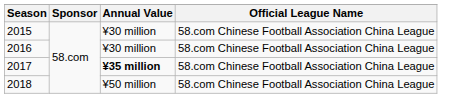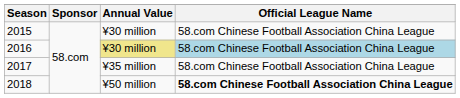 <table class="wikitable">
 <tr>
 </tr>
 <tr>
 <th>Season</th>
 <th>Sponsor</th>
 <th>Annual Value</th>
 <th>Official League Name</th>
 </tr>
 <tr>
 <td>2015</td>
 <td rowspan="4">58.com</td>
 <td>¥30  million</td>
 <td>58.com Chinese Football Association China League</td>
 </tr>
 <tr>
 <td>2016</td>
-<td>¥30  million</td>
-<td>58.com Chinese Football Association China League</td>
+<td style="background: khaki;">¥30  million</td>
+<td style="background: lightblue;">58.com Chinese Football Association China League</td>
 </tr>
 <tr>
 <td>2017</td>
-<td><strong>¥35  million</strong></td>
+<td>¥35  million</td>
 <td>58.com Chinese Football Association China League</td>
 </tr>
 <tr>
 <td>2018</td>
 <td>¥50  million</td>
-<td>58.com Chinese Football Association China League</td>
+<td><strong>58.com Chinese Football Association China League</strong></td>
 </tr>
 </table>
